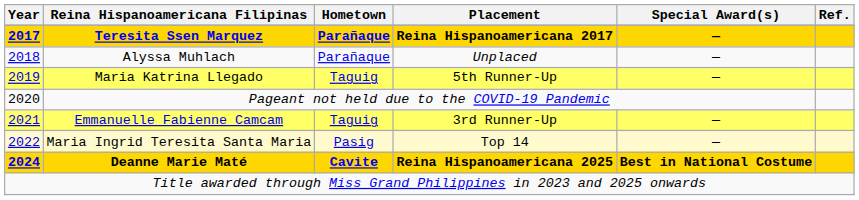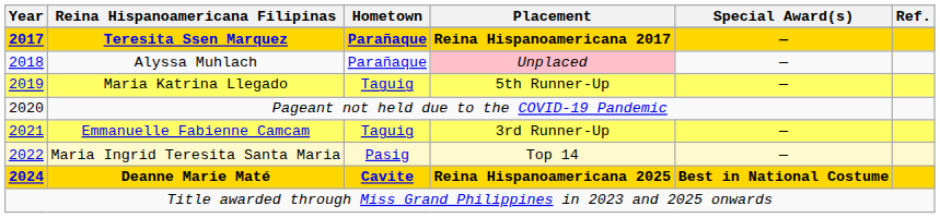 <table class="wikitable" style="font-size: 85%; text-align:center" width:100%;">
 <tr>
 <th>Year</th>
 <th>Reina Hispanoamericana Filipinas</th>
 <th>Hometown</th>
 <th>Placement</th>
 <th>Special Award(s)</th>
 <th>Ref.</th>
 </tr>
 <tr>
 </tr>
 <tr style="background:gold; font-weight:bold">
 <td><a href='#'>2017</a></td>
 <td><a href='#'>Teresita Ssen Marquez</a></td>
 <td><a href='#'>Parañaque</a></td>
 <td>Reina Hispanoamericana 2017</td>
 <td>—</td>
 <td></td>
 </tr>
 <tr>
 <td><a href='#'>2018</a></td>
 <td>Alyssa Muhlach</td>
 <td><a href='#'>Parañaque</a></td>
-<td><em>Unplaced</em></td>
+<td style="background: pink;"><em>Unplaced</em></td>
 <td>—</td>
 <td></td>
 </tr>
 <tr style="background:#FFFF66">
 <td><a href='#'>2019</a></td>
 <td>Maria Katrina Llegado</td>
 <td><a href='#'>Taguig</a></td>
 <td>5th Runner-Up</td>
 <td>—</td>
 <td></td>
 </tr>
 <tr>
 <td>2020</td>
 <td colspan="4"><em>Pageant not held due to the <a href='#'>COVID-19 Pandemic</a></em></td>
 <td></td>
 </tr>
 <tr style="background:#FFFF66">
 <td><a href='#'>2021</a></td>
 <td><a href='#'>Emmanuelle Fabienne Camcam</a></td>
 <td><a href='#'>Taguig</a></td>
 <td>3rd Runner-Up</td>
 <td>—</td>
 <td></td>
 </tr>
 <tr style="background:#FFFACD;">
 <td><a href='#'>2022</a></td>
 <td>Maria Ingrid Teresita Santa Maria</td>
 <td><a href='#'>Pasig</a></td>
 <td>Top 14</td>
 <td>—</td>
 <td></td>
 </tr>
 <tr style="background:gold; font-weight:bold">
 <td><a href='#'>2024</a></td>
 <td>Deanne Marie Maté</td>
 <td><a href='#'>Cavite</a></td>
 <td>Reina Hispanoamericana 2025</td>
 <td>Best in National Costume</td>
 <td></td>
 </tr>
 <tr>
 <td colspan="6"><em>Title awarded through <a href='#'>Miss Grand Philippines</a> in 2023 and 2025 onwards</em></td>
 </tr>
 </table>
